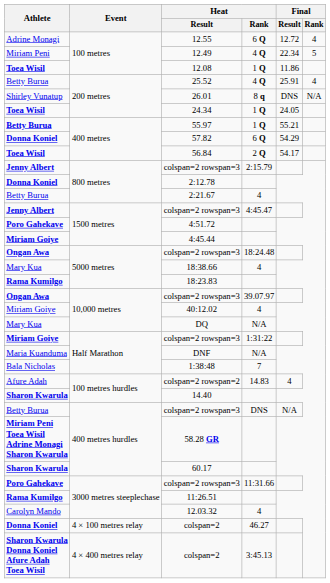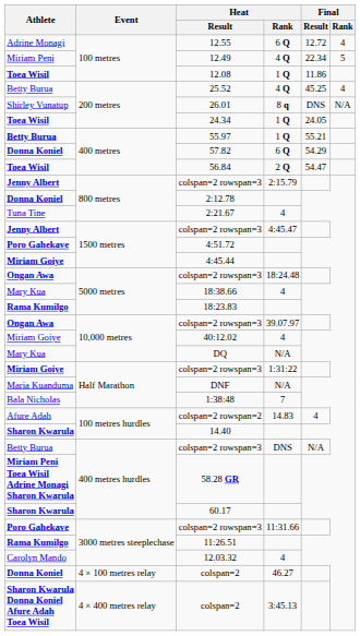 <table class="wikitable" style="font-size:90%">
 <tr>
 <th rowspan="2">Athlete</th>
 <th rowspan="2">Event</th>
 <th colspan="2">Heat</th>
 <th colspan="2">Final</th>
 </tr>
 <tr style="font-size:95%">
 <th>Result</th>
 <th>Rank</th>
 <th>Result</th>
 <th>Rank</th>
 </tr>
 <tr style=text-align:center>
 <td style=text-align:left><a href='#'>Adrine Monagi</a></td>
 <td style=text-align:left rowspan=3>100 metres</td>
 <td>12.55</td>
 <td>6 <strong>Q</strong></td>
 <td>12.72</td>
 <td>4</td>
 </tr>
 <tr style=text-align:center>
 <td style=text-align:left><a href='#'>Miriam Peni</a></td>
 <td>12.49</td>
 <td>4 <strong>Q</strong></td>
 <td>22.34</td>
 <td>5</td>
 </tr>
 <tr style=text-align:center>
 <td style=text-align:left><strong><a href='#'>Toea Wisil</a></strong></td>
 <td>12.08</td>
 <td>1 <strong>Q</strong></td>
 <td>11.86</td>
 <td></td>
 </tr>
 <tr style=text-align:center>
 <td style=text-align:left><a href='#'>Betty Burua</a></td>
 <td style=text-align:left rowspan=3>200 metres</td>
 <td>25.52</td>
 <td>4 <strong>Q</strong></td>
-<td>25.91</td>
+<td>45.25</td>
 <td>4</td>
 </tr>
 <tr style=text-align:center>
 <td style=text-align:left><a href='#'>Shirley Vunatup</a></td>
 <td>26.01</td>
 <td>8 <strong>q</strong></td>
 <td>DNS</td>
 <td>N/A</td>
 </tr>
 <tr style=text-align:center>
 <td style=text-align:left><strong><a href='#'>Toea Wisil</a></strong></td>
 <td>24.34</td>
 <td>1 <strong>Q</strong></td>
 <td>24.05</td>
 <td></td>
 </tr>
 <tr style=text-align:center>
 <td style=text-align:left><strong><a href='#'>Betty Burua</a></strong></td>
 <td style=text-align:left rowspan=3>400 metres</td>
 <td>55.97</td>
 <td>1 <strong>Q</strong></td>
 <td>55.21</td>
 <td></td>
 </tr>
 <tr style=text-align:center>
 <td style=text-align:left><strong><a href='#'>Donna Koniel</a></strong></td>
 <td>57.82</td>
 <td>6 <strong>Q</strong></td>
 <td>54.29</td>
 <td></td>
 </tr>
 <tr style=text-align:center>
 <td style=text-align:left><strong><a href='#'>Toea Wisil</a></strong></td>
 <td>56.84</td>
 <td>2 <strong>Q</strong></td>
-<td>54.17</td>
+<td>54.47</td>
 <td></td>
 </tr>
 <tr style=text-align:center>
 <td style=text-align:left><strong><a href='#'>Jenny Albert</a></strong></td>
 <td style=text-align:left rowspan=3>800 metres</td>
 <td>colspan=2 rowspan=3 </td>
 <td>2:15.79</td>
 <td></td>
 </tr>
 <tr style=text-align:center>
 <td style=text-align:left><strong><a href='#'>Donna Koniel</a></strong></td>
 <td>2:12.78</td>
 <td></td>
 </tr>
 <tr style=text-align:center>
-<td style=text-align:left><a href='#'>Betty Burua</a></td>
+<td style=text-align:left><a href='#'>Tuna Tine</a></td>
 <td>2:21.67</td>
 <td>4</td>
 </tr>
 <tr style=text-align:center>
 <td style=text-align:left><strong><a href='#'>Jenny Albert</a></strong></td>
 <td style=text-align:left rowspan=3>1500 metres</td>
 <td>colspan=2 rowspan=3 </td>
 <td>4:45.47</td>
 <td></td>
 </tr>
 <tr style=text-align:center>
 <td style=text-align:left><strong><a href='#'>Poro Gahekave</a></strong></td>
 <td>4:51.72</td>
 <td></td>
 </tr>
 <tr style=text-align:center>
 <td style=text-align:left><strong><a href='#'>Miriam Goiye</a></strong></td>
 <td>4:45.44</td>
 <td></td>
 </tr>
 <tr style=text-align:center>
 <td style=text-align:left><strong><a href='#'>Ongan Awa</a></strong></td>
 <td style=text-align:left rowspan=3>5000 metres</td>
 <td>colspan=2 rowspan=3 </td>
 <td>18:24.48</td>
 <td></td>
 </tr>
 <tr style=text-align:center>
 <td style=text-align:left><a href='#'>Mary Kua</a></td>
 <td>18:38.66</td>
 <td>4</td>
 </tr>
 <tr style=text-align:center>
 <td style=text-align:left><strong><a href='#'>Rama Kumilgo</a></strong></td>
 <td>18:23.83</td>
 <td></td>
 </tr>
 <tr style=text-align:center>
 <td style=text-align:left><strong><a href='#'>Ongan Awa</a></strong></td>
 <td style=text-align:left rowspan=3>10,000 metres</td>
 <td>colspan=2 rowspan=3 </td>
 <td>39.07.97</td>
 <td></td>
 </tr>
 <tr style=text-align:center>
 <td style=text-align:left><a href='#'>Miriam Goiye</a></td>
 <td>40:12.02</td>
 <td>4</td>
 </tr>
 <tr style=text-align:center>
 <td style=text-align:left><a href='#'>Mary Kua</a></td>
 <td>DQ</td>
 <td>N/A</td>
 </tr>
 <tr style=text-align:center>
 <td style=text-align:left><strong><a href='#'>Miriam Goiye</a></strong></td>
 <td style=text-align:left rowspan=3>Half Marathon</td>
 <td>colspan=2 rowspan=3 </td>
 <td>1:31:22</td>
 <td></td>
 </tr>
 <tr style=text-align:center>
 <td style=text-align:left><a href='#'>Maria Kuanduma</a></td>
 <td>DNF</td>
 <td>N/A</td>
 </tr>
 <tr style=text-align:center>
 <td style=text-align:left><a href='#'>Bala Nicholas</a></td>
 <td>1:38:48</td>
 <td>7</td>
 </tr>
 <tr style=text-align:center>
 <td style=text-align:left><a href='#'>Afure Adah</a></td>
 <td style=text-align:left rowspan=2>100 metres hurdles</td>
 <td>colspan=2 rowspan=2 </td>
 <td>14.83</td>
 <td>4</td>
 </tr>
 <tr style=text-align:center>
 <td style=text-align:left><strong><a href='#'>Sharon Kwarula</a></strong></td>
 <td>14.40</td>
 <td></td>
 </tr>
 <tr style=text-align:center>
 <td style=text-align:left><a href='#'>Betty Burua</a></td>
 <td style=text-align:left rowspan=3>400 metres hurdles</td>
 <td>colspan=2 rowspan=3 </td>
 <td>DNS</td>
 <td>N/A</td>
 </tr>
 <tr style=text-align:center>
 <td style=text-align:left><strong><a href='#'>Miriam Peni</a><br><a href='#'>Toea Wisil</a><br><a href='#'>Adrine Monagi</a><br><a href='#'>Sharon Kwarula</a></strong></td>
 <td>58.28 <strong><a href='#'>GR</a></strong></td>
 <td></td>
 </tr>
 <tr style=text-align:center>
 <td style=text-align:left><strong><a href='#'>Sharon Kwarula</a></strong></td>
 <td>60.17</td>
 <td></td>
 </tr>
 <tr style=text-align:center>
 <td style=text-align:left><strong><a href='#'>Poro Gahekave</a></strong></td>
 <td style=text-align:left rowspan=3>3000 metres steeplechase</td>
 <td>colspan=2 rowspan=3</td>
 <td>11:31.66</td>
 <td></td>
 </tr>
 <tr style=text-align:center>
 <td style=text-align:left><strong><a href='#'>Rama Kumilgo</a></strong></td>
 <td>11:26.51</td>
 <td></td>
 </tr>
 <tr style=text-align:center>
 <td style=text-align:left><a href='#'>Carolyn Mando</a></td>
 <td>12.03.32</td>
 <td>4</td>
 </tr>
 <tr style=text-align:center>
 <td style=text-align:left><strong><a href='#'>Donna Koniel</a></strong></td>
 <td style=text-align:left>4 × 100 metres relay</td>
 <td>colspan=2 </td>
 <td>46.27</td>
 <td></td>
 </tr>
 <tr style=text-align:center>
 <td style=text-align:left><strong><a href='#'>Sharon Kwarula</a><br><a href='#'>Donna Koniel</a><br><a href='#'>Afure Adah</a><br><a href='#'>Toea Wisil</a></strong></td>
 <td style=text-align:left>4 × 400 metres relay</td>
 <td>colspan=2 </td>
 <td>3:45.13</td>
 <td></td>
 </tr>
 </table>
